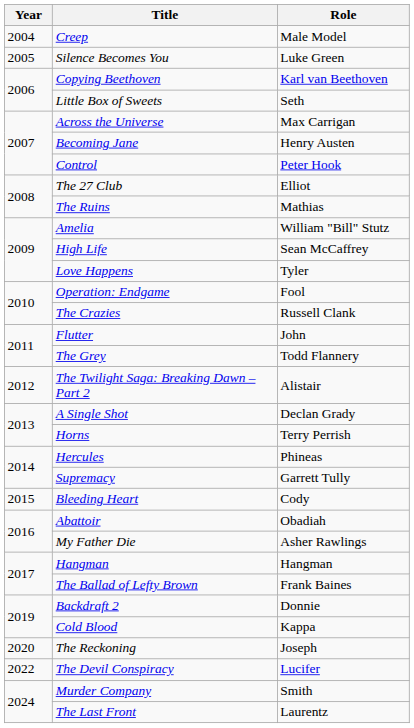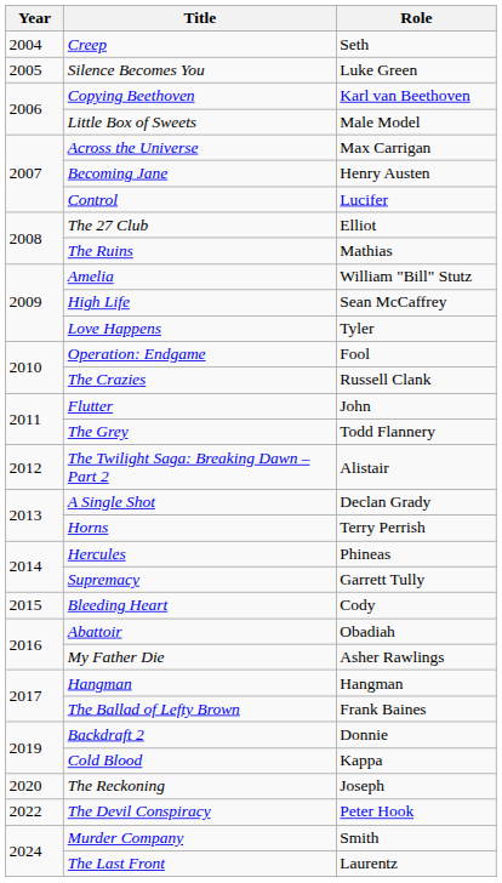 <table class="wikitable sortable">
 <tr>
 <th style="width:50px;">Year</th>
 <th style="width:260px;">Title</th>
 <th style="width:150px;">Role</th>
 </tr>
 <tr>
 <td>2004</td>
 <td><em><a href='#'>Creep</a></em></td>
-<td>Male Model</td>
+<td>Seth</td>
 </tr>
 <tr>
 <td>2005</td>
 <td><em>Silence Becomes You</em></td>
 <td>Luke Green</td>
 </tr>
 <tr>
 <td rowspan="2">2006</td>
 <td><em><a href='#'>Copying Beethoven</a></em></td>
 <td><a href='#'>Karl van Beethoven</a></td>
 </tr>
 <tr>
 <td><em>Little Box of Sweets</em></td>
-<td>Seth</td>
+<td>Male Model</td>
 </tr>
 <tr>
 <td rowspan="3">2007</td>
 <td><em><a href='#'>Across the Universe</a></em></td>
 <td>Max Carrigan</td>
 </tr>
 <tr>
 <td><em><a href='#'>Becoming Jane</a></em></td>
 <td>Henry Austen</td>
 </tr>
 <tr>
 <td><em><a href='#'>Control</a></em></td>
-<td><a href='#'>Peter Hook</a></td>
+<td><a href='#'>Lucifer</a></td>
 </tr>
 <tr>
 <td rowspan="2">2008</td>
 <td><em>The 27 Club</em></td>
 <td>Elliot</td>
 </tr>
 <tr>
 <td><em><a href='#'>The Ruins</a></em></td>
 <td>Mathias</td>
 </tr>
 <tr>
 <td rowspan="3">2009</td>
 <td><em><a href='#'>Amelia</a></em></td>
 <td>William "Bill" Stutz</td>
 </tr>
 <tr>
 <td><em><a href='#'>High Life</a></em></td>
 <td>Sean McCaffrey</td>
 </tr>
 <tr>
 <td><em><a href='#'>Love Happens</a></em></td>
 <td>Tyler</td>
 </tr>
 <tr>
 <td rowspan="2">2010</td>
 <td><em><a href='#'>Operation: Endgame</a></em></td>
 <td>Fool</td>
 </tr>
 <tr>
 <td><em><a href='#'>The Crazies</a></em></td>
 <td>Russell Clank</td>
 </tr>
 <tr>
 <td rowspan="2">2011</td>
 <td><em><a href='#'>Flutter</a></em></td>
 <td>John</td>
 </tr>
 <tr>
 <td><em><a href='#'>The Grey</a></em></td>
 <td>Todd Flannery</td>
 </tr>
 <tr>
 <td>2012</td>
 <td><em><a href='#'>The Twilight Saga: Breaking Dawn – Part 2</a></em></td>
 <td>Alistair</td>
 </tr>
 <tr>
 <td rowspan="2">2013</td>
 <td><em><a href='#'>A Single Shot</a></em></td>
 <td>Declan Grady</td>
 </tr>
 <tr>
 <td><em><a href='#'>Horns</a></em></td>
 <td>Terry Perrish</td>
 </tr>
 <tr>
 <td rowspan="2">2014</td>
 <td><em><a href='#'>Hercules</a></em></td>
 <td>Phineas</td>
 </tr>
 <tr>
 <td><em><a href='#'>Supremacy</a></em></td>
 <td>Garrett Tully</td>
 </tr>
 <tr>
 <td>2015</td>
 <td><em><a href='#'>Bleeding Heart</a></em></td>
 <td>Cody</td>
 </tr>
 <tr>
 <td rowspan="2">2016</td>
 <td><em><a href='#'>Abattoir</a></em></td>
 <td>Obadiah</td>
 </tr>
 <tr>
 <td><em>My Father Die</em></td>
 <td>Asher Rawlings</td>
 </tr>
 <tr>
 <td rowspan="2">2017</td>
 <td><em><a href='#'>Hangman</a></em></td>
 <td>Hangman</td>
 </tr>
 <tr>
 <td><em><a href='#'>The Ballad of Lefty Brown</a></em></td>
 <td>Frank Baines</td>
 </tr>
 <tr>
 <td rowspan="2">2019</td>
 <td><em><a href='#'>Backdraft 2</a></em></td>
 <td>Donnie</td>
 </tr>
 <tr>
 <td><em><a href='#'>Cold Blood</a></em></td>
 <td>Kappa</td>
 </tr>
 <tr>
 <td>2020</td>
 <td><em>The Reckoning</em></td>
 <td>Joseph</td>
 </tr>
 <tr>
 <td>2022</td>
 <td><em><a href='#'>The Devil Conspiracy</a></em></td>
-<td><a href='#'>Lucifer</a></td>
+<td><a href='#'>Peter Hook</a></td>
 </tr>
 <tr>
 <td rowspan="2">2024</td>
 <td><em><a href='#'>Murder Company</a></em></td>
 <td>Smith</td>
 </tr>
 <tr>
 <td><em><a href='#'>The Last Front</a></em></td>
 <td>Laurentz</td>
 </tr>
 </table>
